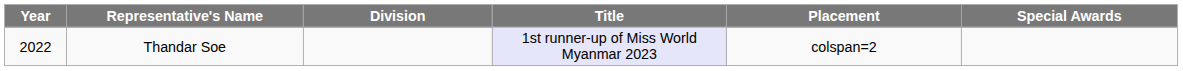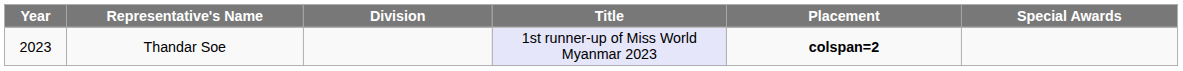 <table class="wikitable sortable" style="font-size: 95%; text-align:center">
 <tr>
 <th width="60" style="background-color:#787878;color:#FFFFFF;">Year</th>
 <th width="250" style="background-color:#787878;color:#FFFFFF;">Representative's Name</th>
 <th width="200" style="background-color:#787878;color:#FFFFFF;">Division</th>
 <th width="250" style="background-color:#787878;color:#FFFFFF;">Title</th>
 <th width="250" style="background-color:#787878;color:#FFFFFF;">Placement</th>
 <th width="230" style="background-color:#787878;color:#FFFFFF;">Special Awards</th>
 </tr>
 <tr>
-<td>2022</td>
+<td>2023</td>
 <td align="center">Thandar Soe</td>
 <td align="center"></td>
 <td style="background: lavender;">1st runner-up of Miss World Myanmar 2023</td>
-<td>colspan=2 </td>
+<td><strong>colspan=2 </strong></td>
 </tr>
 </table>
